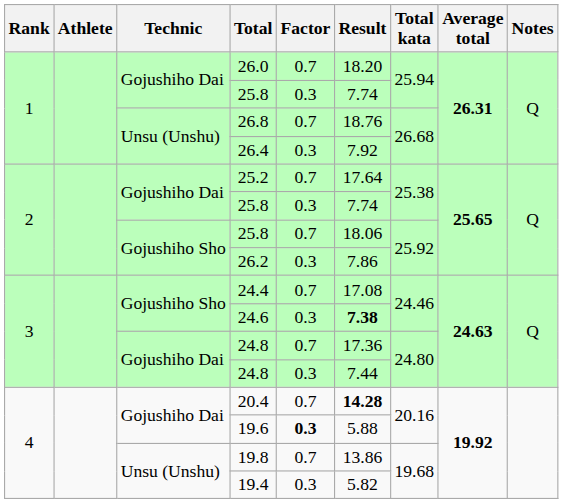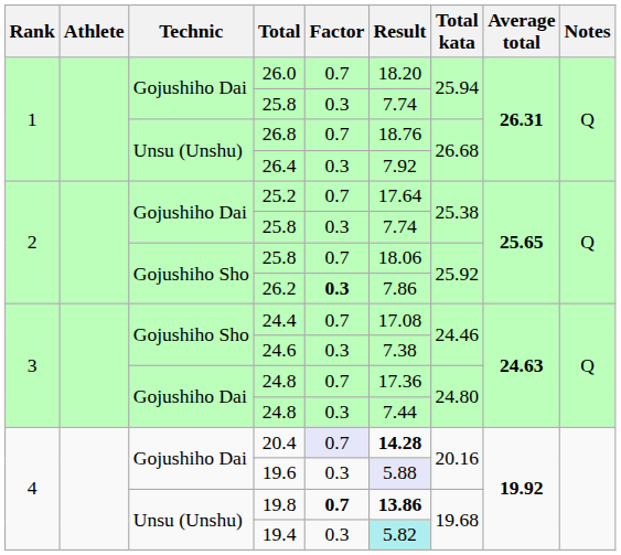 <table class="wikitable" style="text-align:center">
 <tr>
 <th>Rank</th>
 <th>Athlete</th>
 <th>Technic</th>
 <th>Total</th>
 <th>Factor</th>
 <th>Result</th>
 <th>Total<br>kata</th>
 <th>Average<br>total</th>
 <th>Notes</th>
 </tr>
 <tr bgcolor=bbffbb>
 <td rowspan=4>1</td>
 <td rowspan=4 align=left></td>
 <td rowspan=2 align=left>Gojushiho Dai</td>
 <td>26.0</td>
 <td>0.7</td>
 <td>18.20</td>
 <td rowspan=2>25.94</td>
 <td rowspan=4><strong>26.31</strong></td>
 <td rowspan=4>Q</td>
 </tr>
 <tr bgcolor=bbffbb>
 <td>25.8</td>
 <td>0.3</td>
 <td>7.74</td>
 </tr>
 <tr bgcolor=bbffbb>
 <td rowspan=2 align=left>Unsu (Unshu)</td>
 <td>26.8</td>
 <td>0.7</td>
 <td>18.76</td>
 <td rowspan=2>26.68</td>
 </tr>
 <tr bgcolor=bbffbb>
 <td>26.4</td>
 <td>0.3</td>
 <td>7.92</td>
 </tr>
 <tr bgcolor=bbffbb>
 <td rowspan=4>2</td>
 <td rowspan=4 align=left></td>
 <td rowspan=2 align=left>Gojushiho Dai</td>
 <td>25.2</td>
 <td>0.7</td>
 <td>17.64</td>
 <td rowspan=2>25.38</td>
 <td rowspan=4><strong>25.65</strong></td>
 <td rowspan=4>Q</td>
 </tr>
 <tr bgcolor=bbffbb>
 <td>25.8</td>
 <td>0.3</td>
 <td>7.74</td>
 </tr>
 <tr bgcolor=bbffbb>
 <td rowspan=2 align=left>Gojushiho Sho</td>
 <td>25.8</td>
 <td>0.7</td>
 <td>18.06</td>
 <td rowspan=2>25.92</td>
 </tr>
 <tr bgcolor=bbffbb>
 <td>26.2</td>
-<td>0.3</td>
+<td><strong>0.3</strong></td>
 <td>7.86</td>
 </tr>
 <tr bgcolor=bbffbb>
 <td rowspan=4>3</td>
 <td rowspan=4 align=left></td>
 <td rowspan=2 align=left>Gojushiho Sho</td>
 <td>24.4</td>
 <td>0.7</td>
 <td>17.08</td>
 <td rowspan=2>24.46</td>
 <td rowspan=4><strong>24.63</strong></td>
 <td rowspan=4>Q</td>
 </tr>
 <tr bgcolor=bbffbb>
 <td>24.6</td>
 <td>0.3</td>
-<td><strong>7.38</strong></td>
+<td>7.38</td>
 </tr>
 <tr bgcolor=bbffbb>
 <td rowspan=2 align=left>Gojushiho Dai</td>
 <td>24.8</td>
 <td>0.7</td>
 <td>17.36</td>
 <td rowspan=2>24.80</td>
 </tr>
 <tr bgcolor=bbffbb>
 <td>24.8</td>
 <td>0.3</td>
 <td>7.44</td>
 </tr>
 <tr>
 <td rowspan=4>4</td>
 <td rowspan=4 align=left></td>
 <td rowspan=2 align=left>Gojushiho Dai</td>
 <td>20.4</td>
-<td>0.7</td>
+<td style="background: lavender;">0.7</td>
 <td><strong>14.28</strong></td>
 <td rowspan=2>20.16</td>
 <td rowspan=4><strong>19.92</strong></td>
 <td rowspan=4></td>
 </tr>
 <tr>
 <td>19.6</td>
-<td><strong>0.3</strong></td>
-<td>5.88</td>
+<td>0.3</td>
+<td style="background: lavender;">5.88</td>
 </tr>
 <tr>
 <td rowspan=2 align=left>Unsu (Unshu)</td>
 <td>19.8</td>
-<td>0.7</td>
-<td>13.86</td>
+<td><strong>0.7</strong></td>
+<td><strong>13.86</strong></td>
 <td rowspan=2>19.68</td>
 </tr>
 <tr>
 <td>19.4</td>
 <td>0.3</td>
-<td>5.82</td>
+<td style="background: paleturquoise;">5.82</td>
 </tr>
 </table>
